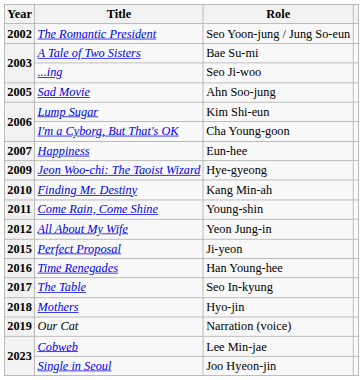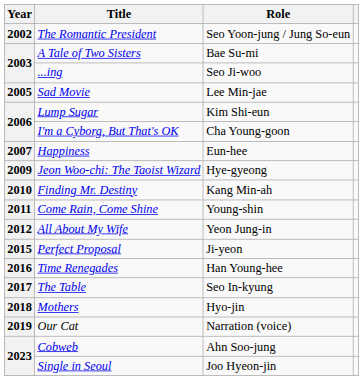 <table class="wikitable plainrowheaders sortable">
 <tr>
 <th scope="col">Year</th>
 <th scope="col">Title</th>
 <th scope="col">Role</th>
 <th scope="col" class="unsortable"></th>
 </tr>
 <tr>
 <th scope="row">2002</th>
 <td><em><a href='#'>The Romantic President</a></em></td>
 <td>Seo Yoon-jung / Jung So-eun</td>
 <td style="text-align:center"></td>
 </tr>
 <tr>
 <th scope="row" rowspan="2">2003</th>
 <td><em><a href='#'>A Tale of Two Sisters</a></em></td>
 <td>Bae Su-mi</td>
 <td style="text-align:center"></td>
 </tr>
 <tr>
 <td><em><a href='#'>...ing</a></em></td>
 <td>Seo Ji-woo</td>
 <td style="text-align:center"></td>
 </tr>
 <tr>
 <th scope="row">2005</th>
 <td><em><a href='#'>Sad Movie</a></em></td>
-<td>Ahn Soo-jung</td>
+<td>Lee Min-jae</td>
 <td style="text-align:center"></td>
 </tr>
 <tr>
 <th scope="row" rowspan="2">2006</th>
 <td><em><a href='#'>Lump Sugar</a></em></td>
 <td>Kim Shi-eun</td>
 <td style="text-align:center"></td>
 </tr>
 <tr>
 <td><em><a href='#'>I'm a Cyborg, But That's OK</a></em></td>
 <td>Cha Young-goon</td>
 <td style="text-align:center"></td>
 </tr>
 <tr>
 <th scope="row">2007</th>
 <td><em><a href='#'>Happiness</a></em></td>
 <td>Eun-hee</td>
 <td style="text-align:center"></td>
 </tr>
 <tr>
 <th scope="row">2009</th>
 <td><em><a href='#'>Jeon Woo-chi: The Taoist Wizard</a></em></td>
 <td>Hye-gyeong</td>
 <td style="text-align:center"></td>
 </tr>
 <tr>
 <th scope="row">2010</th>
 <td><em><a href='#'>Finding Mr. Destiny</a></em></td>
 <td>Kang Min-ah</td>
 <td style="text-align:center"></td>
 </tr>
 <tr>
 <th scope="row">2011</th>
 <td><em><a href='#'>Come Rain, Come Shine</a></em></td>
 <td>Young-shin</td>
 <td style="text-align:center"></td>
 </tr>
 <tr>
 <th scope="row">2012</th>
 <td><em><a href='#'>All About My Wife</a></em></td>
 <td>Yeon Jung-in</td>
 <td style="text-align:center"></td>
 </tr>
 <tr>
 <th scope="row">2015</th>
 <td><em><a href='#'>Perfect Proposal</a></em></td>
 <td>Ji-yeon</td>
 <td style="text-align:center"></td>
 </tr>
 <tr>
 <th scope="row">2016</th>
 <td><em><a href='#'>Time Renegades</a></em></td>
 <td>Han Young-hee</td>
 <td style="text-align:center"></td>
 </tr>
 <tr>
 <th scope="row">2017</th>
 <td><em><a href='#'>The Table</a></em></td>
 <td>Seo In-kyung</td>
 <td style="text-align:center"></td>
 </tr>
 <tr>
 <th scope="row">2018</th>
 <td><em><a href='#'>Mothers</a></em></td>
 <td>Hyo-jin</td>
 <td style="text-align:center"></td>
 </tr>
 <tr>
 <th scope="row">2019</th>
 <td><em>Our Cat</em></td>
 <td>Narration (voice)</td>
 <td style="text-align:center"></td>
 </tr>
 <tr>
 <th scope="row" rowspan="2">2023</th>
 <td><em><a href='#'>Cobweb</a></em></td>
-<td>Lee Min-jae</td>
+<td>Ahn Soo-jung</td>
 <td style="text-align:center"></td>
 </tr>
 <tr>
 <td><em><a href='#'>Single in Seoul</a></em></td>
 <td>Joo Hyeon-jin</td>
 <td style="text-align:center"></td>
 </tr>
 </table>
